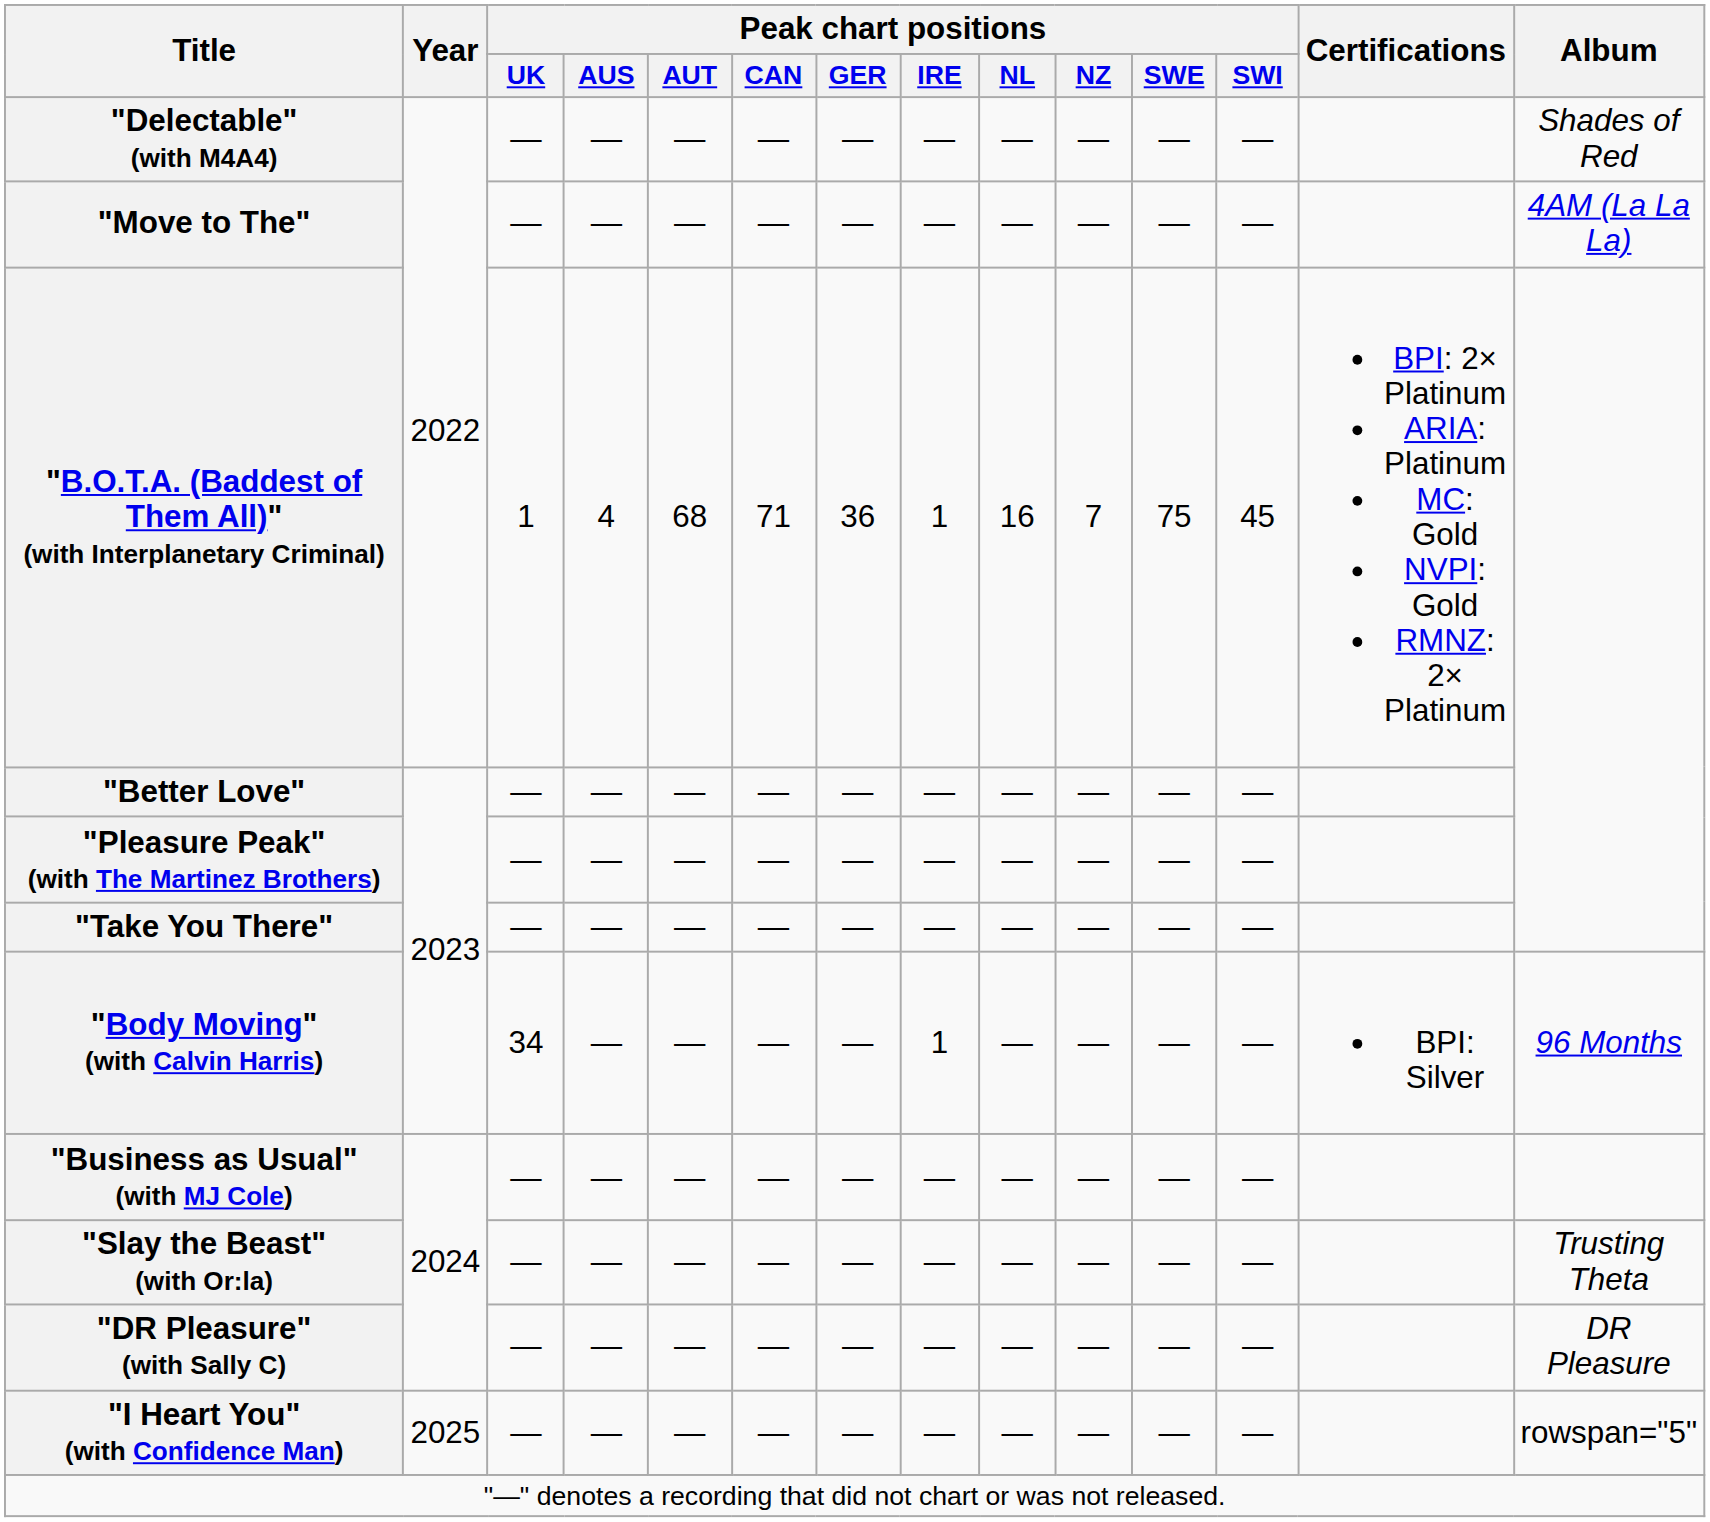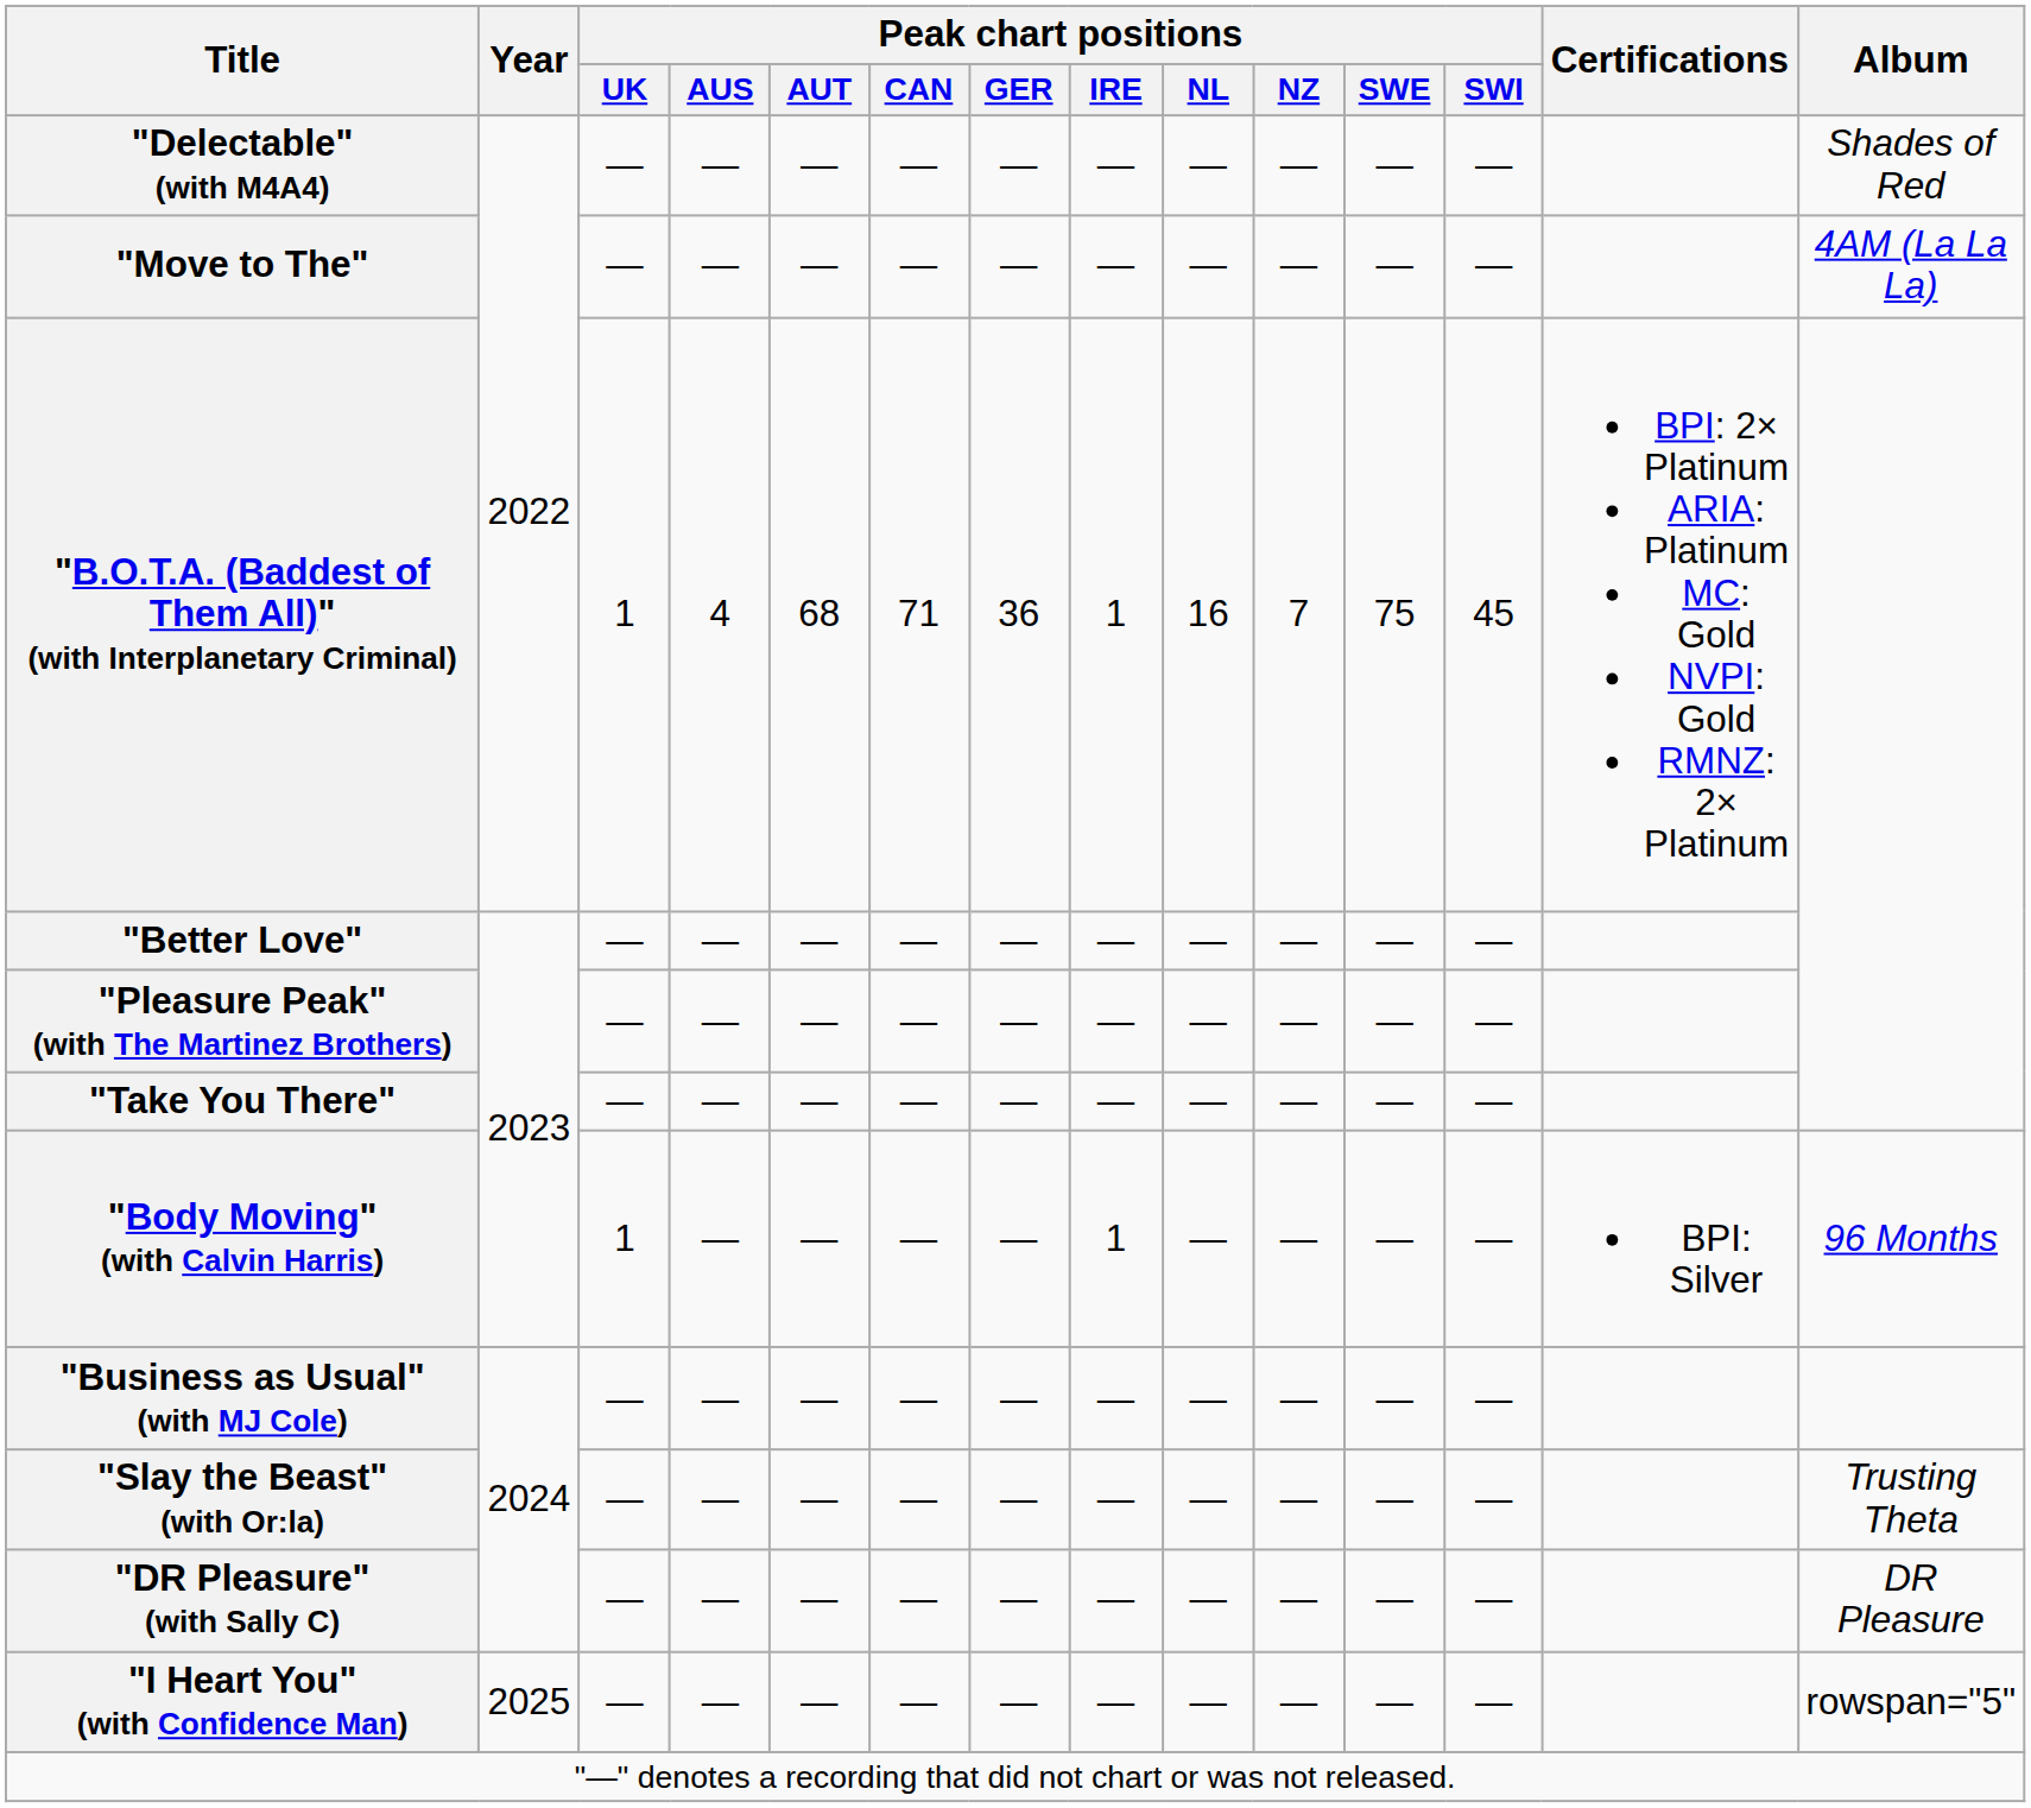 <table class="wikitable plainrowheaders" style="text-align:center;">
 <tr>
 <th scope="col" rowspan="2" style="width:16em;">Title</th>
 <th scope="col" rowspan="2" style="width:1em;">Year</th>
 <th scope="col" colspan="10">Peak chart positions</th>
 <th scope="col" rowspan="2">Certifications</th>
 <th scope="col" rowspan="2">Album</th>
 </tr>
 <tr>
 <th scope="col" style="width:3em;font-size:85%;"><a href='#'>UK</a><br></th>
 <th scope="col" style="width:3em;font-size:85%;"><a href='#'>AUS</a><br></th>
 <th scope="col" style="width:3em;font-size:85%;"><a href='#'>AUT</a><br></th>
 <th scope="col" style="width:3em;font-size:85%;"><a href='#'>CAN</a><br></th>
 <th scope="col" style="width:3em;font-size:85%;"><a href='#'>GER</a><br></th>
 <th scope="col" style="width:3em;font-size:85%;"><a href='#'>IRE</a><br></th>
 <th scope="col" style="width:3em;font-size:85%;"><a href='#'>NL</a><br></th>
 <th scope="col" style="width:3em;font-size:85%;"><a href='#'>NZ</a><br></th>
 <th scope="col" style="width:3em;font-size:85%;"><a href='#'>SWE</a><br></th>
 <th scope="col" style="width:3em;font-size:85%;"><a href='#'>SWI</a><br></th>
 </tr>
 <tr>
 <th scope="row">"Delectable"<br><small>(with M4A4)</small></th>
 <td rowspan="3">2022</td>
 <td>—</td>
 <td>—</td>
 <td>—</td>
 <td>—</td>
 <td>—</td>
 <td>—</td>
 <td>—</td>
 <td>—</td>
 <td>—</td>
 <td>—</td>
 <td></td>
 <td><em>Shades of Red</em></td>
 </tr>
 <tr>
 <th scope="row">"Move to The"</th>
 <td>—</td>
 <td>—</td>
 <td>—</td>
 <td>—</td>
 <td>—</td>
 <td>—</td>
 <td>—</td>
 <td>—</td>
 <td>—</td>
 <td>—</td>
 <td></td>
 <td><em><a href='#'>4AM (La La La)</a></em></td>
 </tr>
 <tr>
 <th scope="row">"<a href='#'>B.O.T.A. (Baddest of Them All)</a>"<br><small>(with Interplanetary Criminal)</small></th>
 <td>1</td>
 <td>4</td>
 <td>68</td>
 <td>71</td>
 <td>36</td>
 <td>1</td>
 <td>16</td>
 <td>7</td>
 <td>75</td>
 <td>45</td>
 <td><br><ul><li><a href='#'>BPI</a>: 2× Platinum</li><li><a href='#'>ARIA</a>: Platinum</li><li><a href='#'>MC</a>: Gold</li><li><a href='#'>NVPI</a>: Gold</li><li><a href='#'>RMNZ</a>: 2× Platinum</li></ul></td>
 </tr>
 <tr>
 <th scope="row">"Better Love"</th>
 <td rowspan="4">2023</td>
 <td>—</td>
 <td>—</td>
 <td>—</td>
 <td>—</td>
 <td>—</td>
 <td>—</td>
 <td>—</td>
 <td>—</td>
 <td>—</td>
 <td>—</td>
 <td></td>
 </tr>
 <tr>
 <th scope="row">"Pleasure Peak"<br> <small>(with <a href='#'>The Martinez Brothers</a>)</small></th>
 <td>—</td>
 <td>—</td>
 <td>—</td>
 <td>—</td>
 <td>—</td>
 <td>—</td>
 <td>—</td>
 <td>—</td>
 <td>—</td>
 <td>—</td>
 <td></td>
 </tr>
 <tr>
 <th scope="row">"Take You There"</th>
 <td>—</td>
 <td>—</td>
 <td>—</td>
 <td>—</td>
 <td>—</td>
 <td>—</td>
 <td>—</td>
 <td>—</td>
 <td>—</td>
 <td>—</td>
 <td></td>
 </tr>
 <tr>
 <th scope="row">"<a href='#'>Body Moving</a>"<br> <small>(with <a href='#'>Calvin Harris</a>)</small></th>
-<td>34</td>
+<td>1</td>
 <td>—</td>
 <td>—</td>
 <td>—</td>
 <td>—</td>
 <td>1</td>
 <td>—</td>
 <td>—</td>
 <td>—</td>
 <td>—</td>
 <td><br><ul><li>BPI: Silver</li></ul></td>
 <td><em><a href='#'>96 Months</a></em></td>
 </tr>
 <tr>
 <th scope="row">"Business as Usual"<br> <small>(with <a href='#'>MJ Cole</a>)</small></th>
 <td rowspan="3">2024</td>
 <td>—</td>
 <td>—</td>
 <td>—</td>
 <td>—</td>
 <td>—</td>
 <td>—</td>
 <td>—</td>
 <td>—</td>
 <td>—</td>
 <td>—</td>
 <td></td>
 <td></td>
 </tr>
 <tr>
 <th scope="row">"Slay the Beast"<br> <small>(with Or:la)</small></th>
 <td>—</td>
 <td>—</td>
 <td>—</td>
 <td>—</td>
 <td>—</td>
 <td>—</td>
 <td>—</td>
 <td>—</td>
 <td>—</td>
 <td>—</td>
 <td></td>
 <td><em>Trusting Theta</em></td>
 </tr>
 <tr>
 <th scope="row">"DR Pleasure"<br> <small>(with Sally C)</small></th>
 <td>—</td>
 <td>—</td>
 <td>—</td>
 <td>—</td>
 <td>—</td>
 <td>—</td>
 <td>—</td>
 <td>—</td>
 <td>—</td>
 <td>—</td>
 <td></td>
 <td><em>DR Pleasure</em></td>
 </tr>
 <tr>
 <th scope="row">"I Heart You"<br> <small>(with <a href='#'>Confidence Man</a>)</small></th>
 <td>2025</td>
 <td>—</td>
 <td>—</td>
 <td>—</td>
 <td>—</td>
 <td>—</td>
 <td>—</td>
 <td>—</td>
 <td>—</td>
 <td>—</td>
 <td>—</td>
 <td></td>
 <td>rowspan="5" </td>
 </tr>
 <tr>
 <td colspan="14" style="font-size:85%;">"—" denotes a recording that did not chart or was not released.</td>
 </tr>
 </table>
